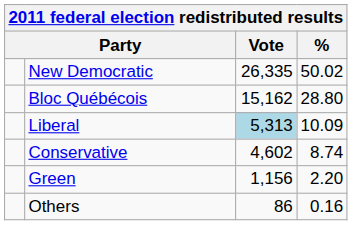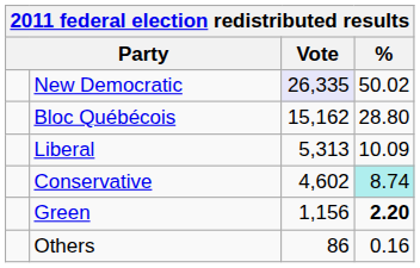 <table class="wikitable">
 <tr>
 <th colspan="4"><a href='#'>2011 federal election</a> redistributed results</th>
 </tr>
 <tr>
 <th bgcolor="#DDDDFF" width="130px" colspan="2">Party</th>
 <th bgcolor="#DDDDFF" width="50px">Vote</th>
 <th bgcolor="#DDDDFF" width="30px">%</th>
 </tr>
 <tr>
 <td> </td>
 <td><a href='#'>New Democratic</a></td>
-<td align=right>26,335</td>
+<td align=right style="background: lavender;">26,335</td>
 <td align=right>50.02</td>
 </tr>
 <tr>
 <td> </td>
 <td><a href='#'>Bloc Québécois</a></td>
 <td align=right>15,162</td>
 <td align=right>28.80</td>
 </tr>
 <tr>
 <td> </td>
 <td><a href='#'>Liberal</a></td>
-<td align=right style="background: lightblue;">5,313</td>
+<td align=right>5,313</td>
 <td align=right>10.09</td>
 </tr>
 <tr>
 <td> </td>
 <td><a href='#'>Conservative</a></td>
 <td align=right>4,602</td>
-<td align=right>8.74</td>
+<td align=right style="background: paleturquoise;">8.74</td>
 </tr>
 <tr>
 <td> </td>
 <td><a href='#'>Green</a></td>
 <td align=right>1,156</td>
-<td align=right>2.20</td>
+<td align=right><strong>2.20</strong></td>
 </tr>
 <tr>
 <td> </td>
 <td>Others</td>
 <td align=right>86</td>
 <td align=right>0.16</td>
 </tr>
 </table>
